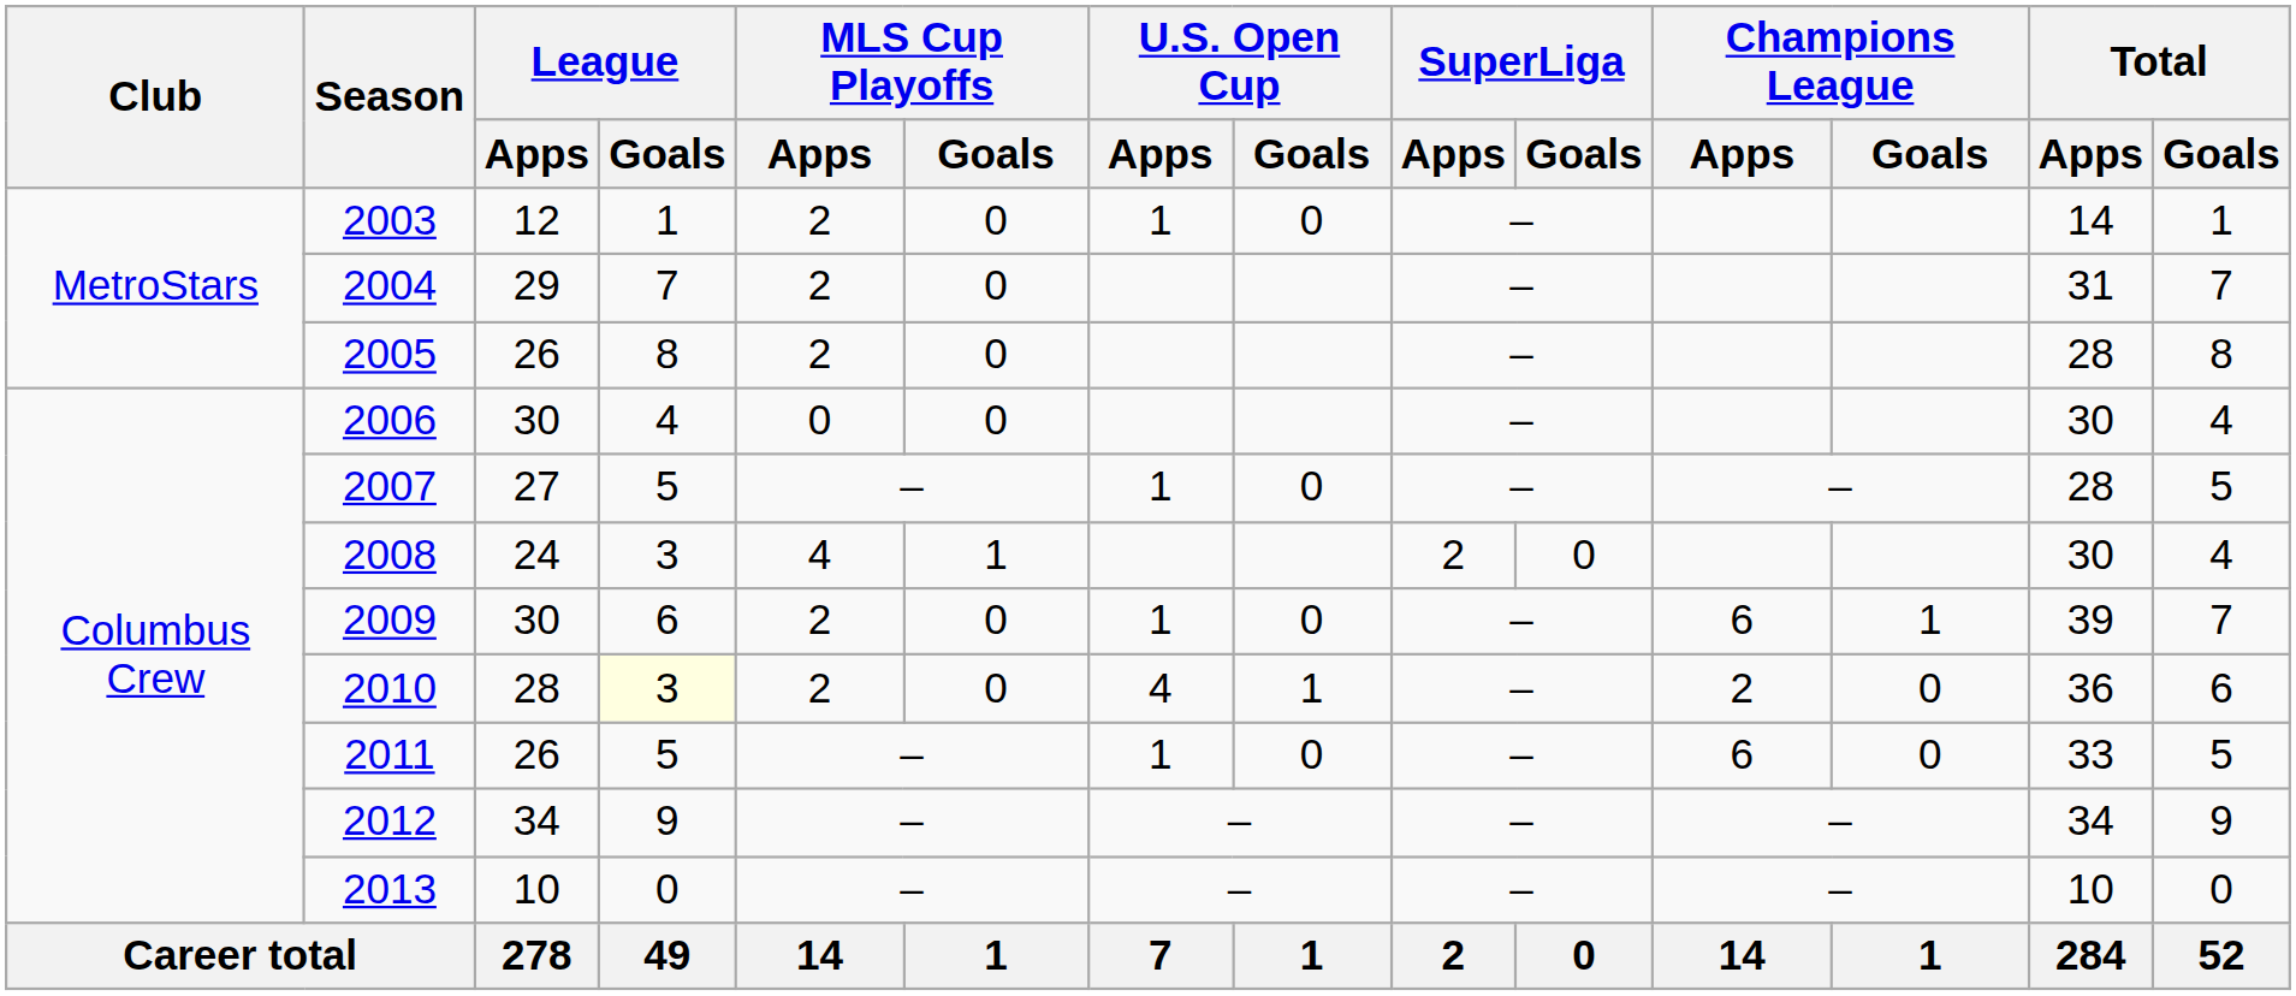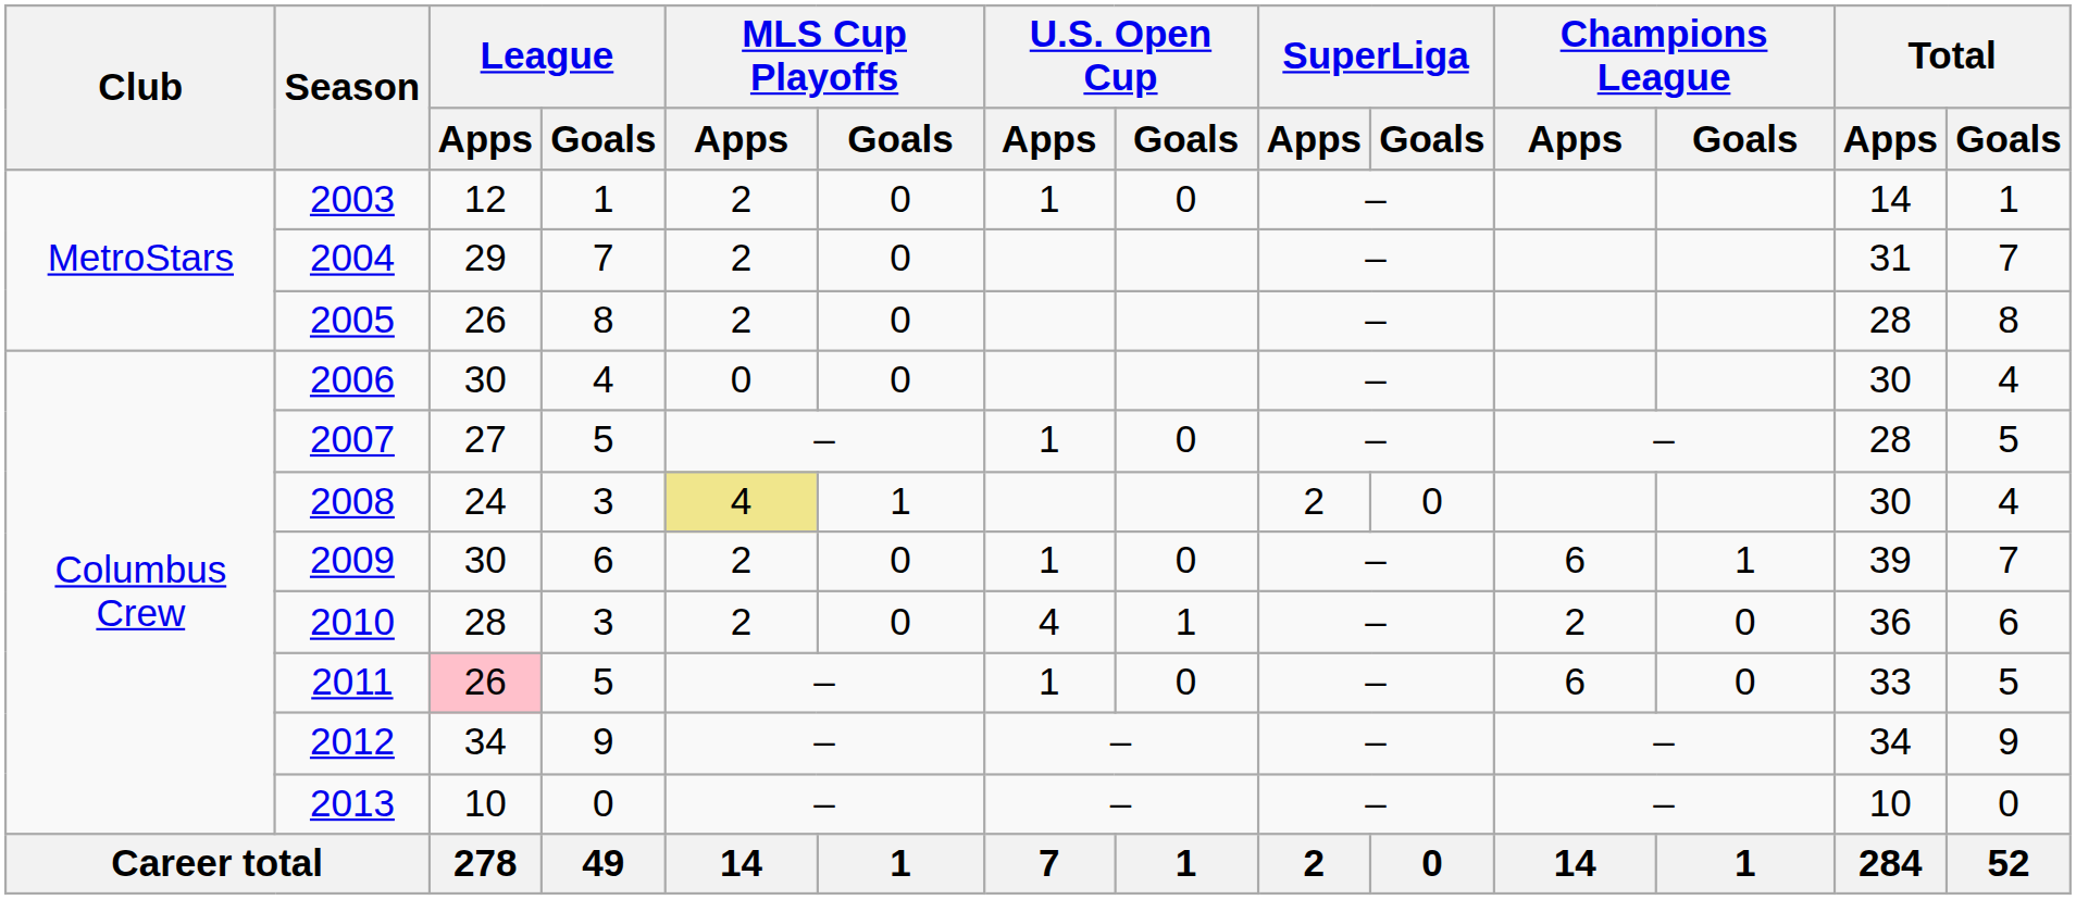 <table class="wikitable" style="text-align:center">
 <tr>
 <th rowspan="2">Club</th>
 <th rowspan="2">Season</th>
 <th colspan="2"><a href='#'>League</a></th>
 <th colspan="2"><a href='#'>MLS Cup Playoffs</a></th>
 <th colspan="2"><a href='#'>U.S. Open Cup</a></th>
 <th colspan="2"><a href='#'>SuperLiga</a></th>
 <th colspan="2"><a href='#'>Champions League</a></th>
 <th colspan="2">Total</th>
 </tr>
 <tr>
 <th>Apps</th>
 <th>Goals</th>
 <th>Apps</th>
 <th>Goals</th>
 <th>Apps</th>
 <th>Goals</th>
 <th>Apps</th>
 <th>Goals</th>
 <th>Apps</th>
 <th>Goals</th>
 <th>Apps</th>
 <th>Goals</th>
 </tr>
 <tr>
 <td rowspan=3><a href='#'>MetroStars</a></td>
 <td><a href='#'>2003</a></td>
 <td>12</td>
 <td>1</td>
 <td>2</td>
 <td>0</td>
 <td>1</td>
 <td>0</td>
 <td colspan="2">–</td>
 <td></td>
 <td></td>
 <td>14</td>
 <td>1</td>
 </tr>
 <tr>
 <td><a href='#'>2004</a></td>
 <td>29</td>
 <td>7</td>
 <td>2</td>
 <td>0</td>
 <td></td>
 <td></td>
 <td colspan="2">–</td>
 <td></td>
 <td></td>
 <td>31</td>
 <td>7</td>
 </tr>
 <tr>
 <td><a href='#'>2005</a></td>
 <td>26</td>
 <td>8</td>
 <td>2</td>
 <td>0</td>
 <td></td>
 <td></td>
 <td colspan="2">–</td>
 <td></td>
 <td></td>
 <td>28</td>
 <td>8</td>
 </tr>
 <tr>
 <td rowspan=8><a href='#'>Columbus Crew</a></td>
 <td><a href='#'>2006</a></td>
 <td>30</td>
 <td>4</td>
 <td>0</td>
 <td>0</td>
 <td></td>
 <td></td>
 <td colspan="2">–</td>
 <td></td>
 <td></td>
 <td>30</td>
 <td>4</td>
 </tr>
 <tr>
 <td><a href='#'>2007</a></td>
 <td>27</td>
 <td>5</td>
 <td colspan="2">–</td>
 <td>1</td>
 <td>0</td>
 <td colspan="2">–</td>
 <td colspan="2">–</td>
 <td>28</td>
 <td>5</td>
 </tr>
 <tr>
 <td><a href='#'>2008</a></td>
 <td>24</td>
 <td>3</td>
-<td>4</td>
+<td style="background: khaki;">4</td>
 <td>1</td>
 <td></td>
 <td></td>
 <td>2</td>
 <td>0</td>
 <td></td>
 <td></td>
 <td>30</td>
 <td>4</td>
 </tr>
 <tr>
 <td><a href='#'>2009</a></td>
 <td>30</td>
 <td>6</td>
 <td>2</td>
 <td>0</td>
 <td>1</td>
 <td>0</td>
 <td colspan="2">–</td>
 <td>6</td>
 <td>1</td>
 <td>39</td>
 <td>7</td>
 </tr>
 <tr>
 <td><a href='#'>2010</a></td>
 <td>28</td>
-<td style="background: lightyellow;">3</td>
+<td>3</td>
 <td>2</td>
 <td>0</td>
 <td>4</td>
 <td>1</td>
 <td colspan="2">–</td>
 <td>2</td>
 <td>0</td>
 <td>36</td>
 <td>6</td>
 </tr>
 <tr>
 <td><a href='#'>2011</a></td>
-<td>26</td>
+<td style="background: pink;">26</td>
 <td>5</td>
 <td colspan="2">–</td>
 <td>1</td>
 <td>0</td>
 <td colspan="2">–</td>
 <td>6</td>
 <td>0</td>
 <td>33</td>
 <td>5</td>
 </tr>
 <tr>
 <td><a href='#'>2012</a></td>
 <td>34</td>
 <td>9</td>
 <td colspan="2">–</td>
 <td colspan="2">–</td>
 <td colspan="2">–</td>
 <td colspan="2">–</td>
 <td>34</td>
 <td>9</td>
 </tr>
 <tr>
 <td><a href='#'>2013</a></td>
 <td>10</td>
 <td>0</td>
 <td colspan="2">–</td>
 <td colspan="2">–</td>
 <td colspan="2">–</td>
 <td colspan="2">–</td>
 <td>10</td>
 <td>0</td>
 </tr>
 <tr>
 <th colspan="2">Career total</th>
 <th>278</th>
 <th>49</th>
 <th>14</th>
 <th>1</th>
 <th>7</th>
 <th>1</th>
 <th>2</th>
 <th>0</th>
 <th>14</th>
 <th>1</th>
 <th>284</th>
 <th>52</th>
 </tr>
 </table>
